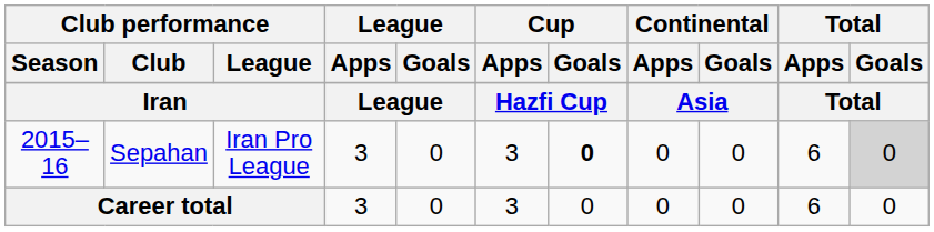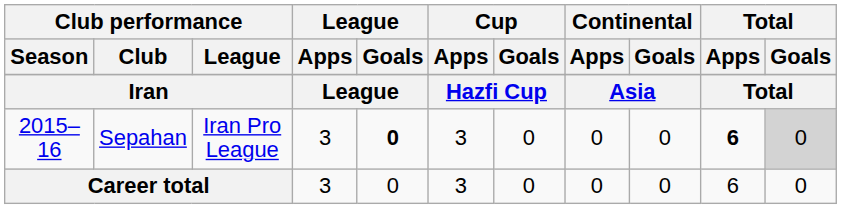 <table class="wikitable" style="text-align:center">
 <tr>
 <th colspan=3>Club performance</th>
 <th colspan=2>League</th>
 <th colspan=2>Cup</th>
 <th colspan=2>Continental</th>
 <th colspan=2>Total</th>
 </tr>
 <tr>
 <th>Season</th>
 <th>Club</th>
 <th>League</th>
 <th>Apps</th>
 <th>Goals</th>
 <th>Apps</th>
 <th>Goals</th>
 <th>Apps</th>
 <th>Goals</th>
 <th>Apps</th>
 <th>Goals</th>
 </tr>
 <tr>
 </tr>
 <tr>
 <th colspan=3>Iran</th>
 <th colspan=2>League</th>
 <th colspan=2><a href='#'>Hazfi Cup</a></th>
 <th colspan=2><a href='#'>Asia</a></th>
 <th colspan=2>Total</th>
 </tr>
 <tr>
 <td><a href='#'>2015–16</a></td>
 <td rowspan="1"><a href='#'>Sepahan</a></td>
 <td rowspan=1><a href='#'>Iran Pro League</a></td>
 <td>3</td>
-<td>0</td>
+<td><strong>0</strong></td>
 <td>3</td>
-<td><strong>0</strong></td>
 <td>0</td>
 <td>0</td>
-<td>6</td>
+<td>0</td>
+<td><strong>6</strong></td>
 <td style="background: lightgrey;">0</td>
 </tr>
 <tr>
 <th colspan=3>Career total</th>
 <td>3</td>
 <td>0</td>
 <td>3</td>
 <td>0</td>
 <td>0</td>
 <td>0</td>
 <td>6</td>
 <td>0</td>
 </tr>
 </table>
